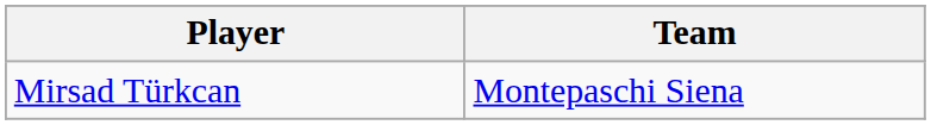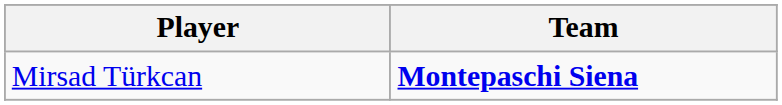 <table class="wikitable" style="text-align: left;">
 <tr>
 <th style="width:200px;">Player</th>
 <th style="width:200px;">Team</th>
 </tr>
 <tr>
 <td> <a href='#'>Mirsad Türkcan</a></td>
-<td> <a href='#'>Montepaschi Siena</a></td>
+<td><strong> <a href='#'>Montepaschi Siena</a></strong></td>
 </tr>
 </table>
